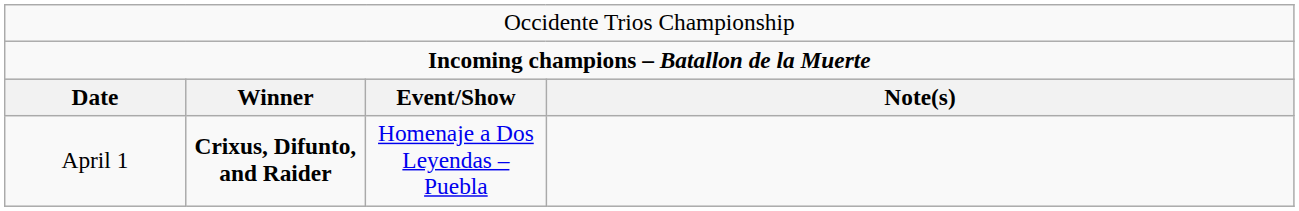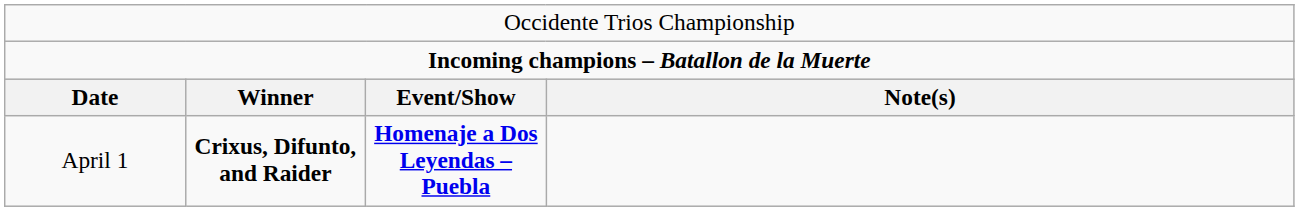 <table class="wikitable" style="text-align:center; width:100%;">
 <tr>
 <td colspan="4" style="text-align: center;">Occidente Trios Championship</td>
 </tr>
 <tr>
 <td colspan="4" style="text-align: center;"><strong>Incoming champions – <em>Batallon de la Muerte</em> </strong></td>
 </tr>
 <tr>
 <th width=14%>Date</th>
 <th width=14%>Winner</th>
 <th width=14%>Event/Show</th>
 <th width=58%>Note(s)</th>
 </tr>
 <tr>
 <td>April 1</td>
 <td><strong>Crixus, Difunto, and Raider</strong></td>
-<td><a href='#'>Homenaje a Dos Leyendas – Puebla</a></td>
+<td><strong><a href='#'>Homenaje a Dos Leyendas – Puebla</a></strong></td>
 <td></td>
 </tr>
 </table>
